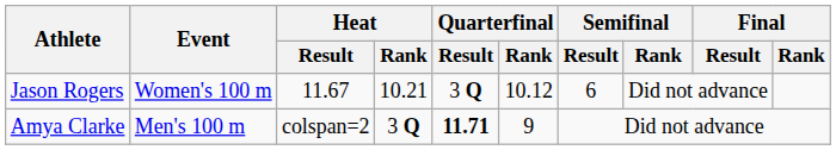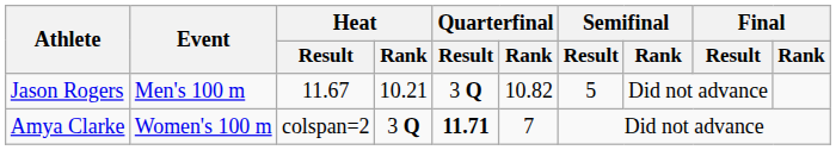 <table class="wikitable" style="font-size:90%">
 <tr>
 <th rowspan="2">Athlete</th>
 <th rowspan="2">Event</th>
 <th colspan="2">Heat</th>
 <th colspan="2">Quarterfinal</th>
 <th colspan="2">Semifinal</th>
 <th colspan="2">Final</th>
 </tr>
 <tr style="font-size:95%">
 <th>Result</th>
 <th>Rank</th>
 <th>Result</th>
 <th>Rank</th>
 <th>Result</th>
 <th>Rank</th>
 <th>Result</th>
 <th>Rank</th>
 </tr>
 <tr align=center>
 <td align=left><a href='#'>Jason Rogers</a></td>
-<td align=left><a href='#'>Women's 100 m</a></td>
+<td align=left><a href='#'>Men's 100 m</a></td>
 <td>11.67</td>
 <td>10.21</td>
 <td>3 <strong>Q</strong></td>
-<td>10.12</td>
-<td>6</td>
+<td>10.82</td>
+<td>5</td>
 <td colspan="2">Did not advance</td>
 </tr>
 <tr align=center>
 <td align=left><a href='#'>Amya Clarke</a></td>
-<td align=left><a href='#'>Men's 100 m</a></td>
+<td align=left><a href='#'>Women's 100 m</a></td>
 <td>colspan=2 </td>
 <td>3 <strong>Q</strong></td>
 <td><strong>11.71</strong></td>
-<td>9</td>
+<td>7</td>
 <td colspan="4">Did not advance</td>
 </tr>
 </table>
